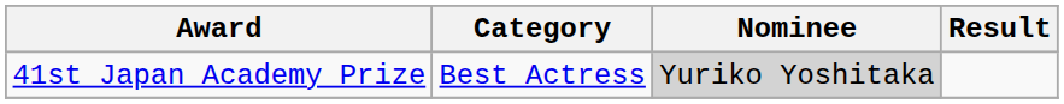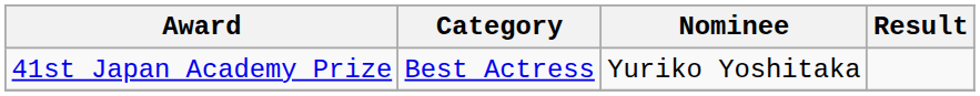 <table class="wikitable sortable">
 <tr>
 <th>Award</th>
 <th>Category</th>
 <th>Nominee</th>
 <th>Result</th>
 </tr>
 <tr>
 <td><a href='#'>41st Japan Academy Prize</a></td>
 <td><a href='#'>Best Actress</a></td>
-<td style="background: lightgrey;">Yuriko Yoshitaka</td>
+<td>Yuriko Yoshitaka</td>
 <td></td>
 </tr>
 <tr>
 </tr>
 </table>
